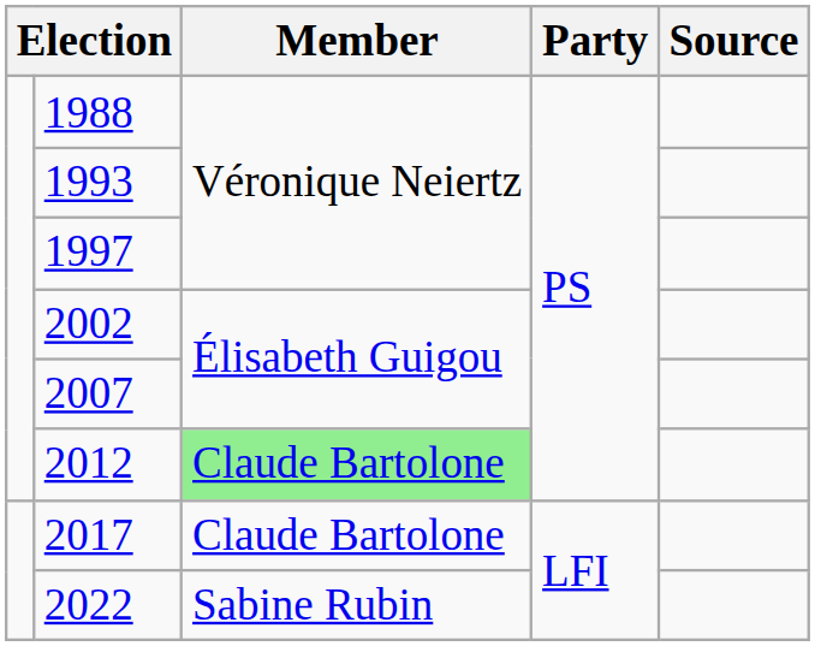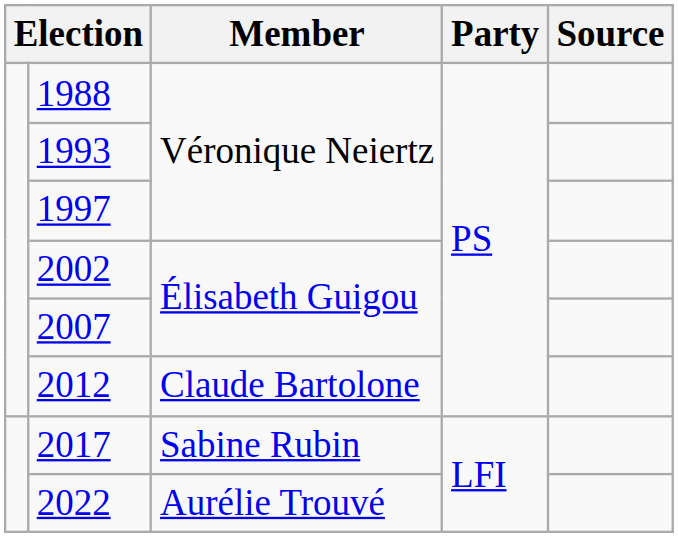 <table class="wikitable">
 <tr>
 <th colspan="2">Election</th>
 <th>Member</th>
 <th>Party</th>
 <th>Source</th>
 </tr>
 <tr>
 <td rowspan=6 style="color:inherit;background-color: "></td>
 <td><a href='#'>1988</a></td>
 <td rowspan=3>Véronique Neiertz</td>
 <td rowspan=6><a href='#'>PS</a></td>
 <td></td>
 </tr>
 <tr>
 <td><a href='#'>1993</a></td>
 <td></td>
 </tr>
 <tr>
 <td><a href='#'>1997</a></td>
 <td></td>
 </tr>
 <tr>
 <td><a href='#'>2002</a></td>
 <td rowspan=2><a href='#'>Élisabeth Guigou</a></td>
 <td></td>
 </tr>
 <tr>
 <td><a href='#'>2007</a></td>
 <td></td>
 </tr>
 <tr>
 <td><a href='#'>2012</a></td>
-<td style="background: lightgreen;"><a href='#'>Claude Bartolone</a></td>
+<td><a href='#'>Claude Bartolone</a></td>
 <td></td>
 </tr>
 <tr>
 <td rowspan="2" style="color:inherit;background-color: "></td>
 <td><a href='#'>2017</a></td>
-<td><a href='#'>Claude Bartolone</a></td>
+<td><a href='#'>Sabine Rubin</a></td>
 <td rowspan="2"><a href='#'>LFI</a></td>
 <td></td>
 </tr>
 <tr>
 <td><a href='#'>2022</a></td>
-<td><a href='#'>Sabine Rubin</a></td>
+<td><a href='#'>Aurélie Trouvé</a></td>
 <td></td>
 </tr>
 </table>
